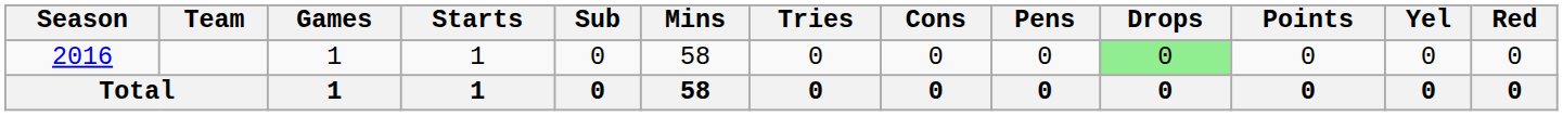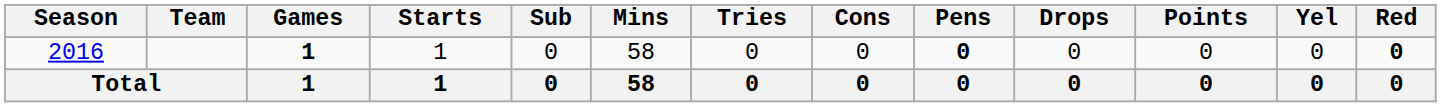 <table class="wikitable" style="text-align:center; line-height:90%; font-size:95%; width:60%;">
 <tr>
 <th>Season</th>
 <th>Team</th>
 <th>Games</th>
 <th>Starts</th>
 <th>Sub</th>
 <th>Mins</th>
 <th>Tries</th>
 <th>Cons</th>
 <th>Pens</th>
 <th>Drops</th>
 <th>Points</th>
 <th>Yel</th>
 <th>Red</th>
 </tr>
 <tr>
 <td><a href='#'>2016</a></td>
 <td></td>
-<td>1</td>
+<td><strong>1</strong></td>
 <td>1</td>
 <td>0</td>
 <td>58</td>
 <td>0</td>
 <td>0</td>
-<td>0</td>
-<td style="background: lightgreen;">0</td>
+<td><strong>0</strong></td>
 <td>0</td>
 <td>0</td>
 <td>0</td>
+<td><strong>0</strong></td>
 </tr>
 <tr>
 <th colspan="2">Total</th>
 <th>1</th>
 <th>1</th>
 <th>0</th>
 <th>58</th>
 <th>0</th>
 <th>0</th>
 <th>0</th>
 <th>0</th>
 <th>0</th>
 <th>0</th>
 <th>0</th>
 </tr>
 </table>
